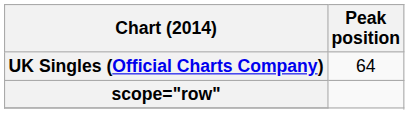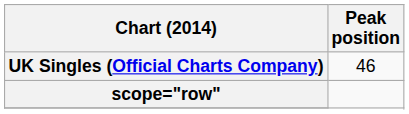 <table class="wikitable sortable plainrowheaders">
 <tr>
 <th>Chart (2014)</th>
 <th>Peak<br>position</th>
 </tr>
 <tr>
 <th scope="row">UK Singles (<a href='#'>Official Charts Company</a>)</th>
-<td align="center">64</td>
+<td align="center">46</td>
 </tr>
 <tr>
 <th>scope="row" </th>
 </tr>
 <tr>
 </tr>
 </table>
